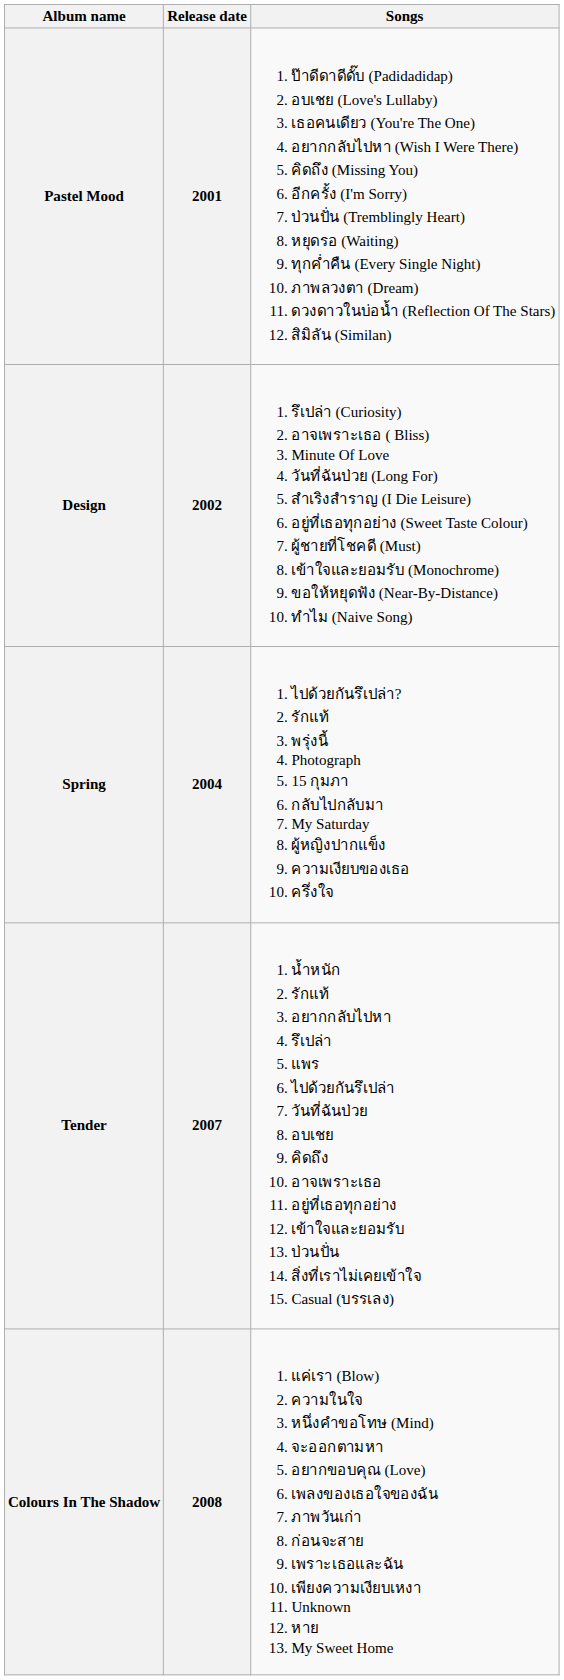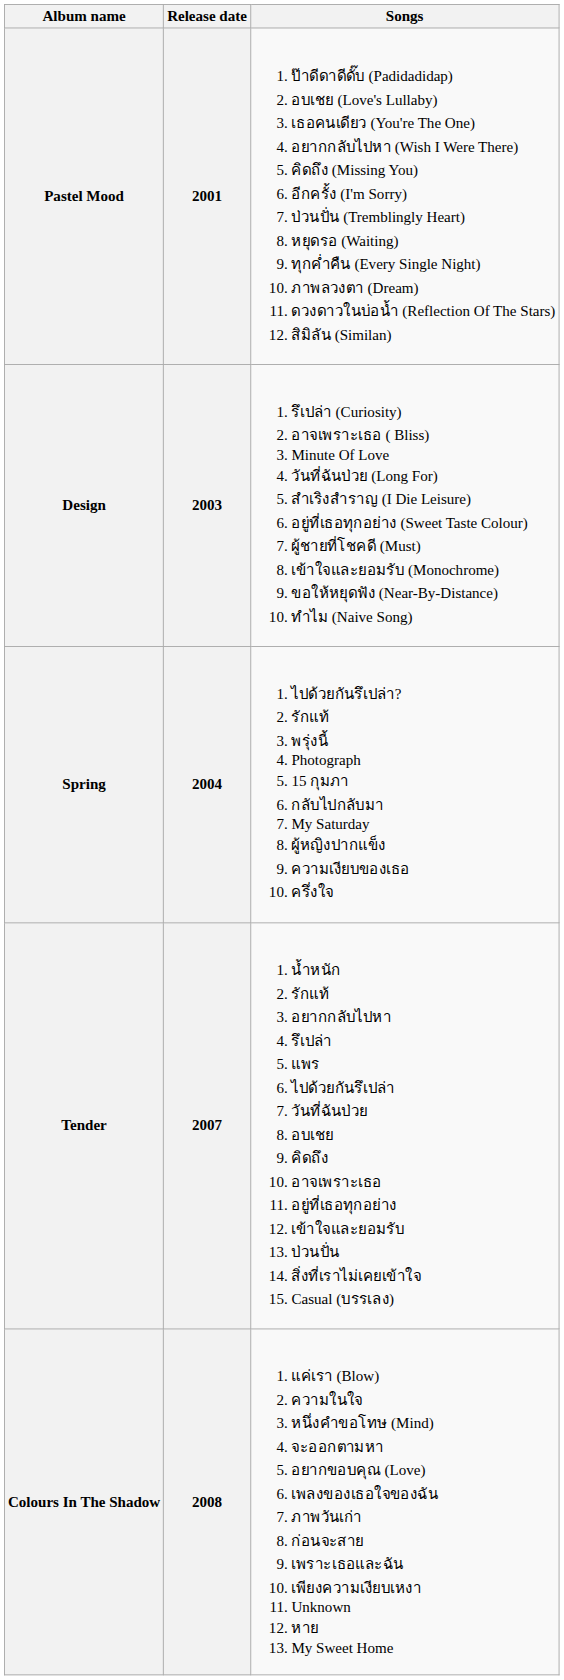 <table class="wikitable sortable">
 <tr>
 <th>Album name</th>
 <th>Release date</th>
 <th>Songs</th>
 </tr>
 <tr>
 <th>Pastel Mood</th>
 <th>2001</th>
 <td><br><ol><li>ป๊าดีดาดีดั๊บ (Padidadidap)</li><li>อบเชย (Love's Lullaby)</li><li>เธอคนเดียว (You're The One)</li><li>อยากกลับไปหา (Wish I Were There)</li><li>คิดถึง (Missing You)</li><li>อีกครั้ง (I'm Sorry)</li><li>ป่วนปั่น (Tremblingly Heart)</li><li>หยุดรอ (Waiting)</li><li>ทุกค่ำคืน (Every Single Night)</li><li>ภาพลวงตา (Dream)</li><li>ดวงดาวในบ่อน้ำ (Reflection Of The Stars)</li><li>สิมิลัน (Similan)</li></ol></td>
 </tr>
 <tr>
 <th>Design</th>
-<th>2002</th>
+<th>2003</th>
 <td><br><ol><li>รึเปล่า (Curiosity)</li><li>อาจเพราะเธอ ( Bliss)</li><li>Minute Of Love</li><li>วันที่ฉันป่วย (Long For)</li><li>สำเริงสำราญ (I Die Leisure)</li><li>อยู่ที่เธอทุกอย่าง (Sweet Taste Colour)</li><li>ผู้ชายที่โชคดี (Must)</li><li>เข้าใจและยอมรับ (Monochrome)</li><li>ขอให้หยุดฟัง (Near-By-Distance)</li><li>ทำไม (Naive Song)</li></ol></td>
 </tr>
 <tr>
 <th>Spring</th>
 <th>2004</th>
 <td><br><ol><li>ไปด้วยกันรึเปล่า?</li><li>รักแท้</li><li>พรุ่งนี้</li><li>Photograph</li><li>15 กุมภา</li><li>กลับไปกลับมา</li><li>My Saturday</li><li>ผู้หญิงปากแข็ง</li><li>ความเงียบของเธอ</li><li>ครึ่งใจ</li></ol></td>
 </tr>
 <tr>
 <th>Tender</th>
 <th>2007</th>
 <td><br><ol><li>น้ำหนัก</li><li>รักแท้</li><li>อยากกลับไปหา</li><li>รึเปล่า</li><li>แพร</li><li>ไปด้วยกันรึเปล่า</li><li>วันที่ฉันป่วย</li><li>อบเชย</li><li>คิดถึง</li><li>อาจเพราะเธอ</li><li>อยู่ที่เธอทุกอย่าง</li><li>เข้าใจและยอมรับ</li><li>ป่วนปั่น</li><li>สิ่งที่เราไม่เคยเข้าใจ</li><li>Casual (บรรเลง)</li></ol></td>
 </tr>
 <tr>
 <th>Colours In The Shadow</th>
 <th>2008</th>
 <td><br><ol><li>แค่เรา (Blow)</li><li>ความในใจ</li><li>หนึ่งคำขอโทษ (Mind)</li><li>จะออกตามหา</li><li>อยากขอบคุณ (Love)</li><li>เพลงของเธอใจของฉัน</li><li>ภาพวันเก่า</li><li>ก่อนจะสาย</li><li>เพราะเธอและฉัน</li><li>เพียงความเงียบเหงา</li><li>Unknown</li><li>หาย</li><li>My Sweet Home</li></ol></td>
 </tr>
 </table>
